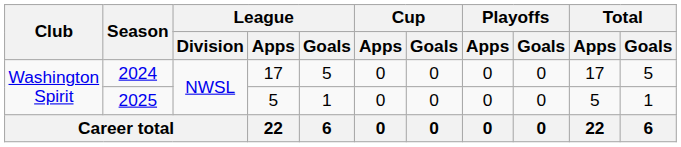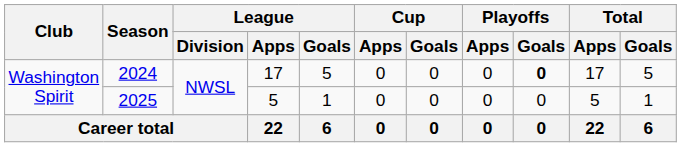 <table class="wikitable" style="text-align: center;">
 <tr>
 <th rowspan="2" scope=col>Club</th>
 <th rowspan="2" scope=col>Season</th>
 <th colspan="3">League</th>
 <th colspan="2">Cup</th>
 <th colspan="2">Playoffs</th>
 <th colspan="2">Total</th>
 </tr>
 <tr>
 <th scope=col>Division</th>
 <th scope=col>Apps</th>
 <th scope=col>Goals</th>
 <th scope=col>Apps</th>
 <th scope=col>Goals</th>
 <th scope=col>Apps</th>
 <th scope=col>Goals</th>
 <th scope=col>Apps</th>
 <th scope=col>Goals</th>
 </tr>
 <tr>
 <td rowspan="2"><a href='#'>Washington Spirit</a></td>
 <td><a href='#'>2024</a></td>
 <td rowspan="2"><a href='#'>NWSL</a></td>
 <td>17</td>
 <td>5</td>
 <td>0</td>
 <td>0</td>
 <td>0</td>
-<td>0</td>
+<td><strong>0</strong></td>
 <td>17</td>
 <td>5</td>
 </tr>
 <tr>
 <td><a href='#'>2025</a></td>
 <td>5</td>
 <td>1</td>
 <td>0</td>
 <td>0</td>
 <td>0</td>
 <td>0</td>
 <td>5</td>
 <td>1</td>
 </tr>
 <tr>
 <th colspan="3">Career total</th>
 <th>22</th>
 <th>6</th>
 <th>0</th>
 <th>0</th>
 <th>0</th>
 <th>0</th>
 <th>22</th>
 <th>6</th>
 </tr>
 </table>
